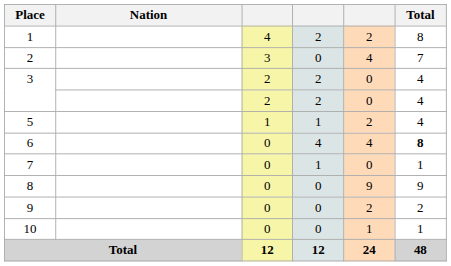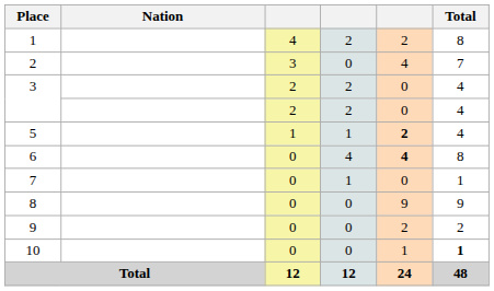 <table class=wikitable style="border:1px solid #AAAAAA;font-size:90%">
 <tr bgcolor="#EFEFEF">
 <th width=50>Place</th>
 <th width=200>Nation</th>
 <th width=50></th>
 <th width=50></th>
 <th width=50></th>
 <th width=50>Total</th>
 </tr>
 <tr align="center" valign="top" bgcolor="#FFFFFF">
 <td>1</td>
 <td align="left"></td>
 <td style="background:#F7F6A8;">4</td>
 <td style="background:#DCE5E5;">2</td>
 <td style="background:#FFDAB9;">2</td>
 <td>8</td>
 </tr>
 <tr align="center" valign="top" bgcolor="#FFFFFF">
 <td>2</td>
 <td align="left"></td>
 <td style="background:#F7F6A8;">3</td>
 <td style="background:#DCE5E5;">0</td>
 <td style="background:#FFDAB9;">4</td>
 <td>7</td>
 </tr>
 <tr align="center" valign="top" bgcolor="#FFFFFF">
 <td rowspan="2" valign="center">3</td>
 <td align="left"></td>
 <td style="background:#F7F6A8;">2</td>
 <td style="background:#DCE5E5;">2</td>
 <td style="background:#FFDAB9;">0</td>
 <td>4</td>
 </tr>
 <tr align="center" valign="top" bgcolor="#FFFFFF">
 <td align="left"></td>
 <td style="background:#F7F6A8;">2</td>
 <td style="background:#DCE5E5;">2</td>
 <td style="background:#FFDAB9;">0</td>
 <td>4</td>
 </tr>
 <tr align="center" valign="top" bgcolor="#FFFFFF">
 <td>5</td>
 <td align="left"></td>
 <td style="background:#F7F6A8;">1</td>
 <td style="background:#DCE5E5;">1</td>
-<td style="background:#FFDAB9;">2</td>
+<td style="background:#FFDAB9;"><strong>2</strong></td>
 <td>4</td>
 </tr>
 <tr align="center" valign="top" bgcolor="#FFFFFF">
 <td>6</td>
 <td align="left"></td>
 <td style="background:#F7F6A8;">0</td>
 <td style="background:#DCE5E5;">4</td>
-<td style="background:#FFDAB9;">4</td>
-<td><strong>8</strong></td>
+<td style="background:#FFDAB9;"><strong>4</strong></td>
+<td>8</td>
 </tr>
 <tr align="center" valign="top" bgcolor="#FFFFFF">
 <td>7</td>
 <td align="left"></td>
 <td style="background:#F7F6A8;">0</td>
 <td style="background:#DCE5E5;">1</td>
 <td style="background:#FFDAB9;">0</td>
 <td>1</td>
 </tr>
 <tr align="center" valign="top" bgcolor="#FFFFFF">
 <td>8</td>
 <td align="left"></td>
 <td style="background:#F7F6A8;">0</td>
 <td style="background:#DCE5E5;">0</td>
 <td style="background:#FFDAB9;">9</td>
 <td>9</td>
 </tr>
 <tr align="center" valign="top" bgcolor="#FFFFFF">
 <td>9</td>
 <td align="left"></td>
 <td style="background:#F7F6A8;">0</td>
 <td style="background:#DCE5E5;">0</td>
 <td style="background:#FFDAB9;">2</td>
 <td>2</td>
 </tr>
 <tr align="center" valign="top" bgcolor="#FFFFFF">
 <td>10</td>
 <td align="left"></td>
 <td style="background:#F7F6A8;">0</td>
 <td style="background:#DCE5E5;">0</td>
 <td style="background:#FFDAB9;">1</td>
-<td>1</td>
+<td><strong>1</strong></td>
 </tr>
 <tr align="center">
 <td colspan="2" bgcolor=D3D3D3><strong>Total</strong></td>
 <td style="background:#F7F6A8;"><strong>12</strong></td>
 <td style="background:#DCE5E5;"><strong>12</strong></td>
 <td style="background:#FFDAB9;"><strong>24</strong></td>
 <td bgcolor=D3D3D3><strong>48</strong></td>
 </tr>
 </table>
